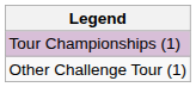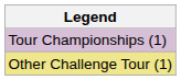 <table class="wikitable" style="font-size:95%;">
 <tr>
 <th>Legend</th>
 </tr>
 <tr style="background:thistle;">
 <td>Tour Championships (1)</td>
 </tr>
 <tr>
-<td>Other Challenge Tour (1)</td>
+<td style="background: khaki;">Other Challenge Tour (1)</td>
 </tr>
 </table>
